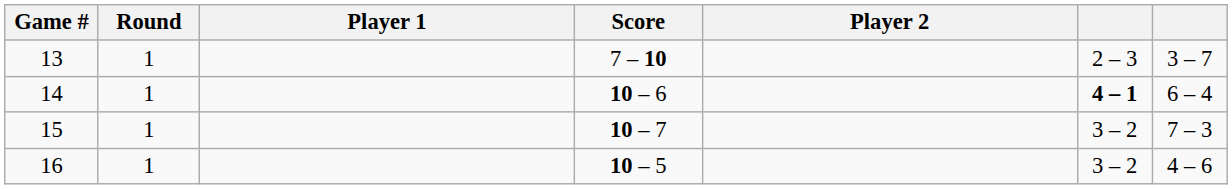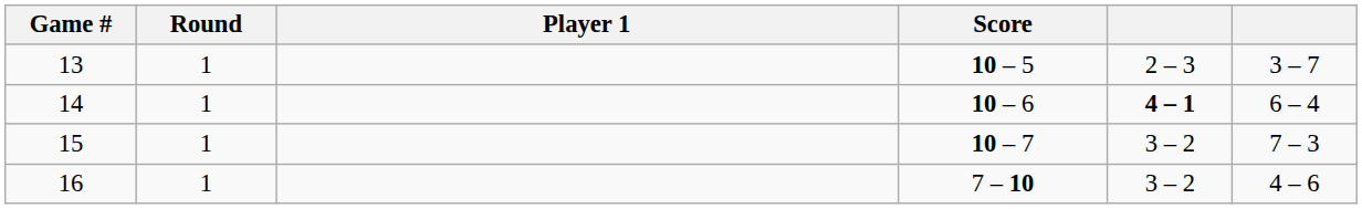 <table class="wikitable">
 <tr>
 <th width="2%">Game #</th>
 <th width="2%">Round</th>
 <th width="15%">Player 1</th>
 <th width="5%">Score</th>
-<th width="15%">Player 2</th>
 <th width="3%"></th>
 <th width="3%"></th>
 </tr>
 <tr style=text-align:center;"background:#;">
 <td>13</td>
 <td>1</td>
 <td></td>
-<td>7 – <strong>10</strong></td>
-<td><strong></strong></td>
+<td><strong>10</strong> – 5</td>
 <td>2 – 3</td>
 <td>3 – 7</td>
 </tr>
 <tr style=text-align:center;"background:#;">
 <td>14</td>
 <td>1</td>
 <td><strong></strong></td>
 <td><strong>10</strong> – 6</td>
-<td></td>
 <td><strong>4 – 1</strong></td>
 <td>6 – 4</td>
 </tr>
 <tr style=text-align:center;"background:#;">
 <td>15</td>
 <td>1</td>
 <td><strong></strong></td>
 <td><strong>10</strong> – 7</td>
-<td></td>
 <td>3 – 2</td>
 <td>7 – 3</td>
 </tr>
 <tr style=text-align:center;"background:#;">
 <td>16</td>
 <td>1</td>
 <td><strong></strong></td>
-<td><strong>10</strong> – 5</td>
-<td></td>
+<td>7 – <strong>10</strong></td>
 <td>3 – 2</td>
 <td>4 – 6</td>
 </tr>
 </table>
